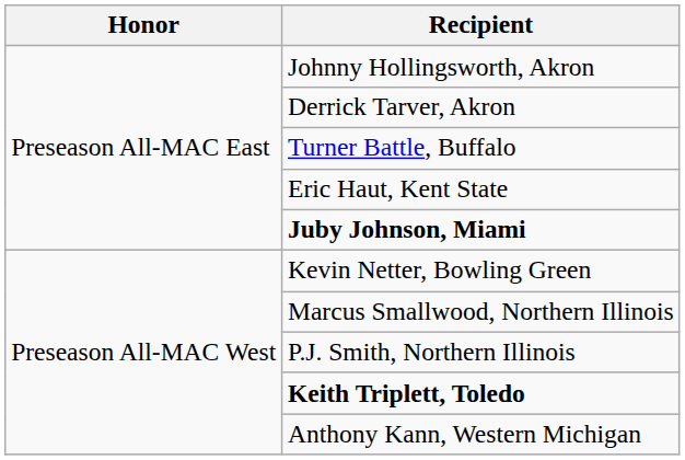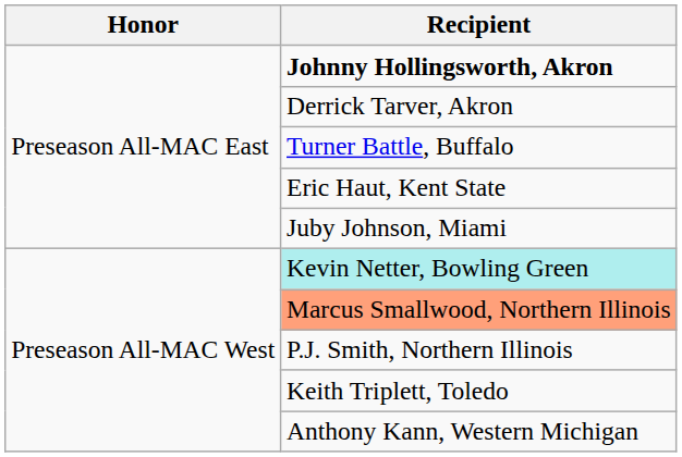 <table class="wikitable" border="1">
 <tr>
 <th>Honor</th>
 <th>Recipient</th>
 </tr>
 <tr>
 <td rowspan=5 valign=middle>Preseason All-MAC East</td>
-<td>Johnny Hollingsworth, Akron</td>
+<td><strong>Johnny Hollingsworth, Akron</strong></td>
 </tr>
 <tr>
 <td>Derrick Tarver, Akron</td>
 </tr>
 <tr>
 <td><a href='#'>Turner Battle</a>, Buffalo</td>
 </tr>
 <tr>
 <td>Eric Haut, Kent State</td>
 </tr>
 <tr>
-<td><strong>Juby Johnson, Miami</strong></td>
+<td>Juby Johnson, Miami</td>
 </tr>
 <tr>
 <td rowspan=5 valign=middle>Preseason All-MAC West</td>
-<td>Kevin Netter, Bowling Green</td>
+<td style="background: paleturquoise;">Kevin Netter, Bowling Green</td>
 </tr>
 <tr>
-<td>Marcus Smallwood, Northern Illinois</td>
+<td style="background: lightsalmon;">Marcus Smallwood, Northern Illinois</td>
 </tr>
 <tr>
 <td>P.J. Smith, Northern Illinois</td>
 </tr>
 <tr>
-<td><strong>Keith Triplett, Toledo</strong></td>
+<td>Keith Triplett, Toledo</td>
 </tr>
 <tr>
 <td>Anthony Kann, Western Michigan</td>
 </tr>
 </table>
